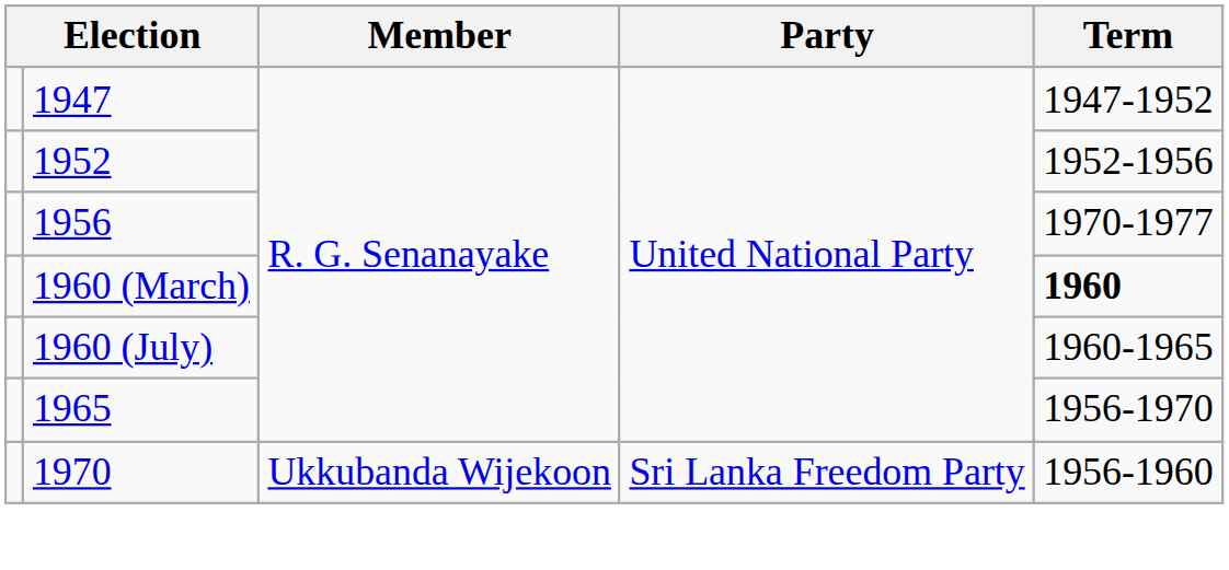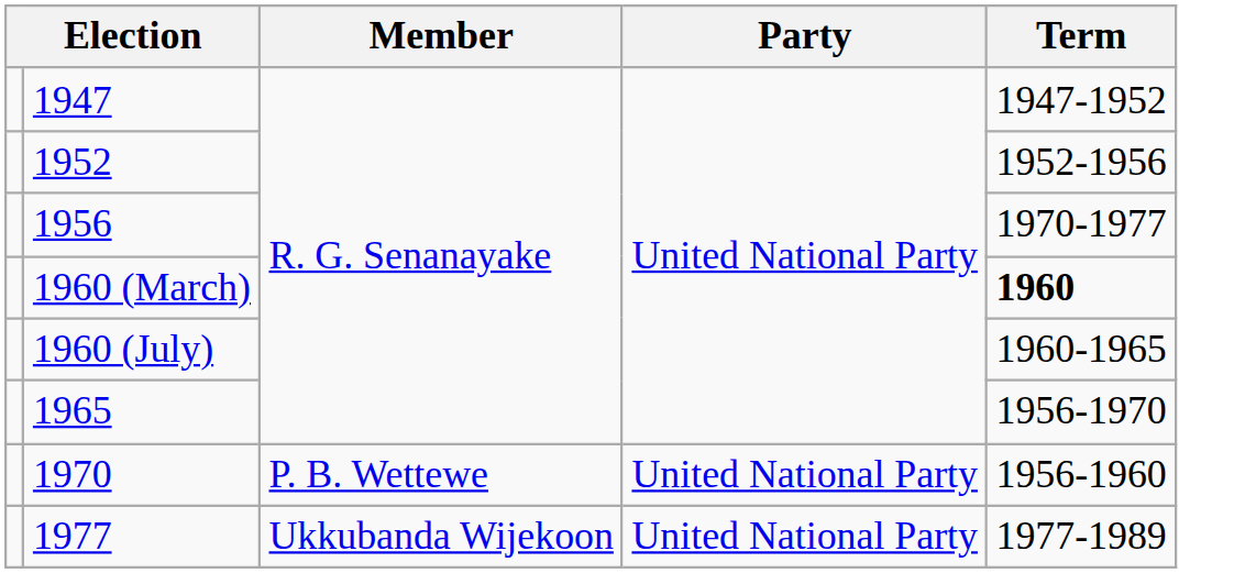 <table class="wikitable">
 <tr>
 <th colspan="2">Election</th>
 <th>Member</th>
 <th>Party</th>
 <th>Term</th>
 </tr>
 <tr>
 <td style="background-color: "></td>
 <td><a href='#'>1947</a></td>
 <td rowspan=6><a href='#'>R. G. Senanayake</a></td>
 <td rowspan=6><a href='#'>United National Party</a></td>
 <td>1947-1952</td>
 </tr>
 <tr>
 <td style="background-color: "></td>
 <td><a href='#'>1952</a></td>
 <td>1952-1956</td>
 </tr>
 <tr>
 <td style="background-color: "></td>
 <td><a href='#'>1956</a></td>
 <td>1970-1977</td>
 </tr>
 <tr>
 <td style="background-color: "></td>
 <td><a href='#'>1960 (March)</a></td>
 <td><strong>1960</strong></td>
 </tr>
 <tr>
 <td style="background-color: "></td>
 <td><a href='#'>1960 (July)</a></td>
 <td>1960-1965</td>
 </tr>
 <tr>
 <td style="background-color: "></td>
 <td><a href='#'>1965</a></td>
 <td>1956-1970</td>
 </tr>
 <tr>
 <td style="background-color: "></td>
 <td><a href='#'>1970</a></td>
-<td><a href='#'>Ukkubanda Wijekoon</a></td>
-<td><a href='#'>Sri Lanka Freedom Party</a></td>
+<td><a href='#'>P. B. Wettewe</a></td>
+<td><a href='#'>United National Party</a></td>
 <td>1956-1960</td>
 </tr>
+<tr>
+<td style="background-color: "></td>
+<td><a href='#'>1977</a></td>
+<td><a href='#'>Ukkubanda Wijekoon</a></td>
+<td><a href='#'>United National Party</a></td>
+<td>1977-1989</td>
+</tr>
 </table>
